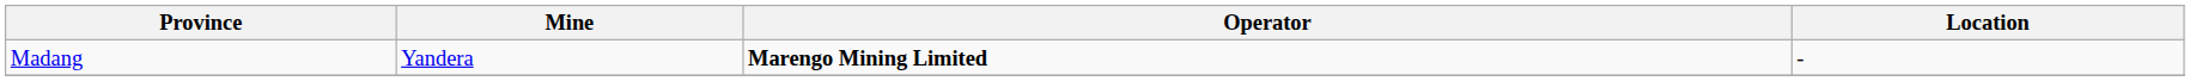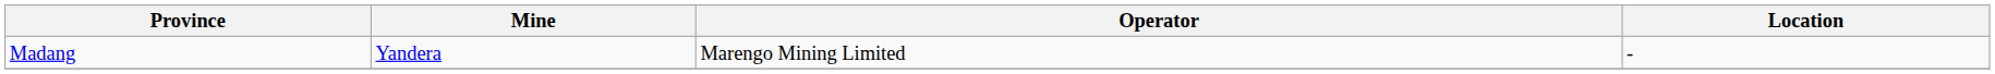 <table class="wikitable" width="100%">
 <tr>
 <th>Province</th>
 <th>Mine</th>
 <th>Operator</th>
 <th>Location</th>
 </tr>
 <tr>
 <td><a href='#'>Madang</a></td>
 <td><a href='#'>Yandera</a></td>
-<td><strong>Marengo Mining Limited</strong></td>
+<td>Marengo Mining Limited</td>
 <td>-</td>
 </tr>
 <tr>
 </tr>
 </table>
